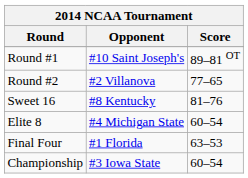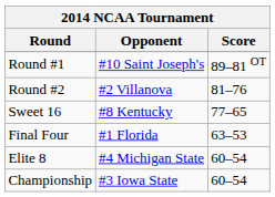 <table class="wikitable"  align="left">
 <tr>
 <th colspan="3">2014 NCAA Tournament</th>
 </tr>
 <tr>
 <th colspan="1">Round</th>
 <th colspan="1">Opponent</th>
 <th colspan="1">Score</th>
 </tr>
 <tr>
 </tr>
 <tr>
 <td>Round #1</td>
 <td><a href='#'>#10 Saint Joseph's</a></td>
 <td>89–81 <sup>OT</sup></td>
 </tr>
 <tr>
 <td>Round #2</td>
 <td><a href='#'>#2 Villanova</a></td>
-<td>77–65</td>
+<td>81–76</td>
 </tr>
 <tr>
 <td>Sweet 16</td>
 <td><a href='#'>#8 Kentucky</a></td>
-<td>81–76</td>
+<td>77–65</td>
+</tr>
+<tr>
+<td>Final Four</td>
+<td><a href='#'>#1 Florida</a></td>
+<td>63–53</td>
 </tr>
 <tr>
 <td>Elite 8</td>
 <td><a href='#'>#4 Michigan State</a></td>
 <td>60–54</td>
 </tr>
 <tr>
-<td>Final Four</td>
-<td><a href='#'>#1 Florida</a></td>
-<td>63–53</td>
-</tr>
-<tr>
 <td>Championship</td>
 <td><a href='#'>#3 Iowa State</a></td>
 <td>60–54</td>
 </tr>
 </table>
